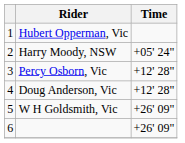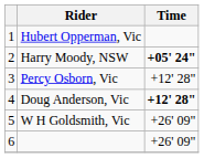 <table class="wikitable">
 <tr>
 <th></th>
 <th scope=col>Rider</th>
 <th scope=col>Time</th>
 </tr>
 <tr>
 <td>1</td>
 <td><a href='#'>Hubert Opperman</a>, Vic</td>
 <td style="text-align: right;"></td>
 </tr>
 <tr>
 <td>2</td>
 <td>Harry Moody, NSW</td>
-<td style="text-align: right;">+05' 24"</td>
+<td style="text-align: right;"><strong>+05' 24"</strong></td>
 </tr>
 <tr>
 <td>3</td>
 <td><a href='#'>Percy Osborn</a>, Vic</td>
 <td style="text-align: right;">+12' 28"</td>
 </tr>
 <tr>
 <td>4</td>
 <td>Doug Anderson, Vic</td>
-<td style="text-align: right;">+12' 28"</td>
+<td style="text-align: right;"><strong>+12' 28"</strong></td>
 </tr>
 <tr>
 <td>5</td>
 <td>W H Goldsmith, Vic</td>
 <td style="text-align: right;">+26' 09"</td>
 </tr>
 <tr>
 <td>6</td>
 <td></td>
 <td style="text-align: right;">+26' 09"</td>
 </tr>
 <tr>
 </tr>
 </table>
